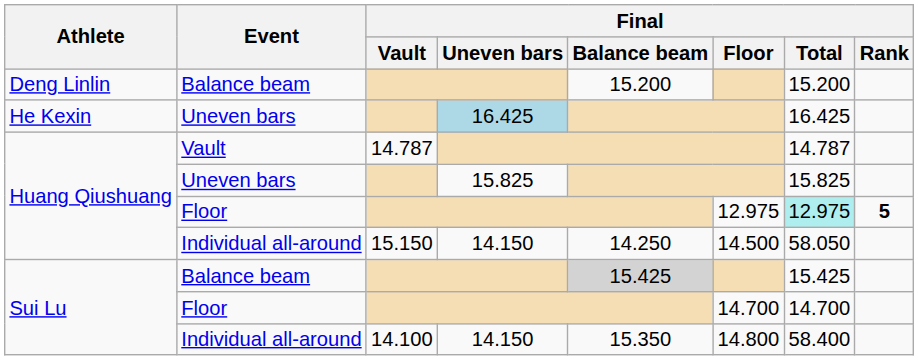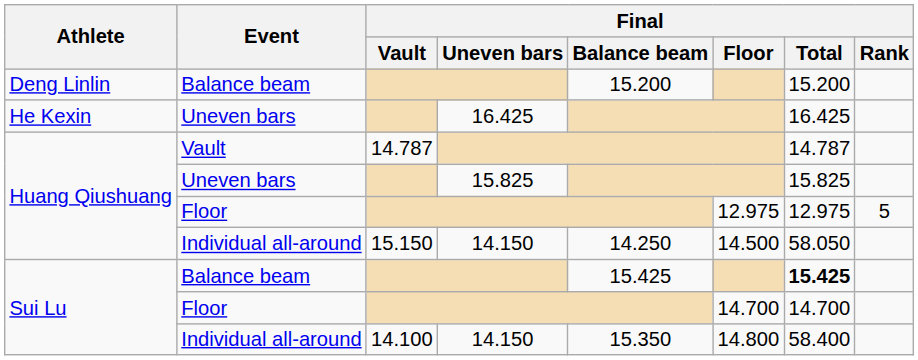 <table class=wikitable style="font-size:90%">
 <tr>
 <th rowspan=2>Athlete</th>
 <th rowspan=2>Event</th>
 <th colspan=6>Final</th>
 </tr>
 <tr>
 <th>Vault</th>
 <th>Uneven bars</th>
 <th>Balance beam</th>
 <th>Floor</th>
 <th>Total</th>
 <th>Rank</th>
 </tr>
 <tr>
 <td><a href='#'>Deng Linlin</a></td>
 <td><a href='#'>Balance beam</a></td>
 <td colspan="2" style="background:wheat;"></td>
 <td align=center>15.200</td>
 <td bgcolor=wheat></td>
 <td align=center>15.200</td>
 <td align=center></td>
 </tr>
 <tr>
 <td><a href='#'>He Kexin</a></td>
 <td><a href='#'>Uneven bars</a></td>
 <td bgcolor=wheat></td>
-<td align=center style="background: lightblue;">16.425</td>
+<td align=center>16.425</td>
 <td colspan="2" style="background:wheat;"></td>
 <td align=center>16.425</td>
 <td align=center></td>
 </tr>
 <tr>
 <td rowspan=4><a href='#'>Huang Qiushuang</a></td>
 <td><a href='#'>Vault</a></td>
 <td align=center>14.787</td>
 <td colspan="3" style="background:wheat;"></td>
 <td align=center>14.787</td>
 <td align=center></td>
 </tr>
 <tr>
 <td><a href='#'>Uneven bars</a></td>
 <td bgcolor=wheat></td>
 <td align=center>15.825</td>
 <td colspan="2" style="background:wheat;"></td>
 <td align=center>15.825</td>
 <td align=center></td>
 </tr>
 <tr>
 <td><a href='#'>Floor</a></td>
 <td colspan="3" style="background:wheat;"></td>
 <td align=center>12.975</td>
-<td align=center style="background: paleturquoise;">12.975</td>
-<td align=center><strong>5</strong></td>
+<td align=center>12.975</td>
+<td align=center>5</td>
 </tr>
 <tr>
 <td><a href='#'>Individual all-around</a></td>
 <td align=center>15.150</td>
 <td align=center>14.150</td>
 <td align=center>14.250</td>
 <td align=center>14.500</td>
 <td align=center>58.050</td>
 <td align=center></td>
 </tr>
 <tr>
 <td rowspan=3><a href='#'>Sui Lu</a></td>
 <td><a href='#'>Balance beam</a></td>
 <td colspan="2" style="background:wheat;"></td>
-<td align=center style="background: lightgrey;">15.425</td>
+<td align=center>15.425</td>
 <td bgcolor=wheat></td>
-<td align=center>15.425</td>
+<td align=center><strong>15.425</strong></td>
 <td align=center></td>
 </tr>
 <tr>
 <td><a href='#'>Floor</a></td>
 <td colspan="3" style="background:wheat;"></td>
 <td align=center>14.700</td>
 <td align=center>14.700</td>
 <td align=center></td>
 </tr>
 <tr>
 <td><a href='#'>Individual all-around</a></td>
 <td align=center>14.100</td>
 <td align=center>14.150</td>
 <td align=center>15.350</td>
 <td align=center>14.800</td>
 <td align=center>58.400</td>
 <td align=center></td>
 </tr>
 </table>
